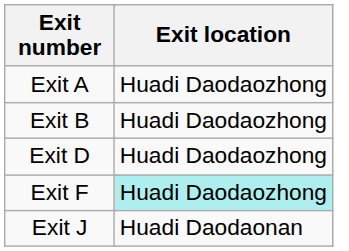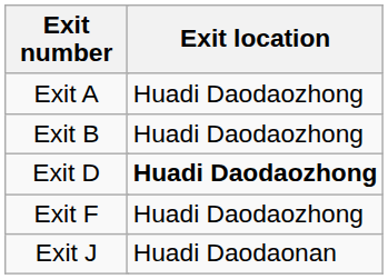 <table class="wikitable">
 <tr>
 <th style="width:70px" colspan="2">Exit number</th>
 <th>Exit location</th>
 </tr>
 <tr>
 <td align="center" colspan="2">Exit A</td>
 <td>Huadi Daodaozhong</td>
 </tr>
 <tr>
 <td align="center" colspan="2">Exit B</td>
 <td>Huadi Daodaozhong</td>
 </tr>
 <tr>
 <td align="center" colspan="2">Exit D</td>
-<td>Huadi Daodaozhong</td>
+<td><strong>Huadi Daodaozhong</strong></td>
 </tr>
 <tr>
 <td align="center" colspan="2">Exit F</td>
-<td style="background: paleturquoise;">Huadi Daodaozhong</td>
+<td>Huadi Daodaozhong</td>
 </tr>
 <tr>
 <td align="center" colspan="2">Exit J</td>
 <td>Huadi Daodaonan</td>
 </tr>
 </table>
